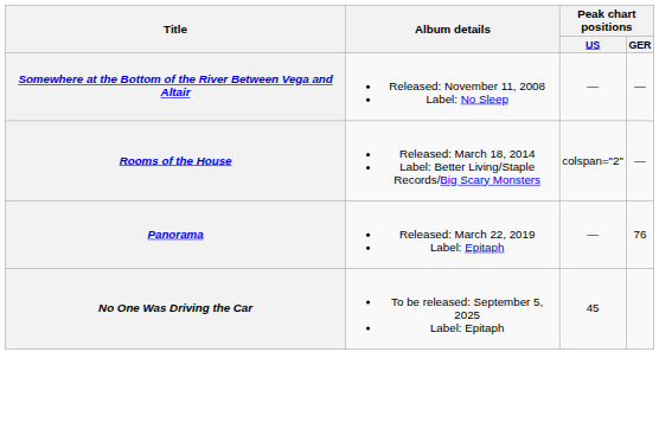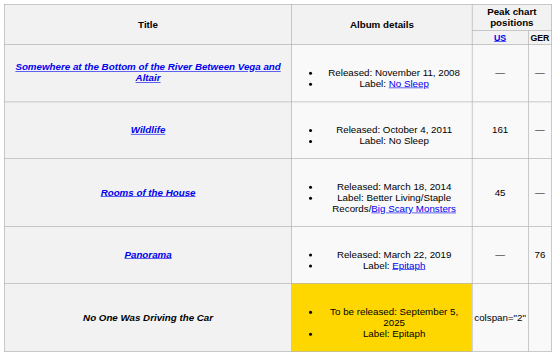 <table class="wikitable plainrowheaders" style="text-align:center;">
 <tr>
 <th rowspan="2" scope="col" style="width:29em;">Title</th>
 <th rowspan="2" scope="col" style="width:18em;">Album details</th>
 <th colspan="2" scope="col">Peak chart positions</th>
 </tr>
 <tr>
 <th scope="col" style="width:2.2em;font-size:90%;"><a href='#'>US</a><br></th>
 <th scope="col" style="width:2.2em;font-size:90%;">GER<br></th>
 </tr>
 <tr>
 <th scope="row"><em><a href='#'>Somewhere at the Bottom of the River Between Vega and Altair</a></em></th>
 <td><br><ul><li>Released: November 11, 2008</li><li>Label: <a href='#'>No Sleep</a></li></ul></td>
 <td>—</td>
 <td>—</td>
 </tr>
 <tr>
+<th scope="row"><em><a href='#'>Wildlife</a></em></th>
+<td><br><ul><li>Released: October 4, 2011</li><li>Label: No Sleep</li></ul></td>
+<td>161</td>
+<td>—</td>
+</tr>
+<tr>
 <th scope="row"><em><a href='#'>Rooms of the House</a></em></th>
 <td><br><ul><li>Released: March 18, 2014</li><li>Label: Better Living/Staple Records/<a href='#'>Big Scary Monsters</a></li></ul></td>
-<td>colspan="2" </td>
+<td>45</td>
 <td>—</td>
 </tr>
 <tr>
 <th scope="row"><em><a href='#'>Panorama</a></em></th>
 <td><br><ul><li>Released: March 22, 2019</li><li>Label: <a href='#'>Epitaph</a></li></ul></td>
 <td>—</td>
 <td>76</td>
 </tr>
 <tr>
 <th scope="row"><em>No One Was Driving the Car</em></th>
-<td><br><ul><li>To be released: September 5, 2025</li><li>Label: Epitaph</li></ul></td>
-<td>45</td>
+<td style="background: gold;"><br><ul><li>To be released: September 5, 2025</li><li>Label: Epitaph</li></ul></td>
+<td>colspan="2" </td>
 </tr>
 </table>
